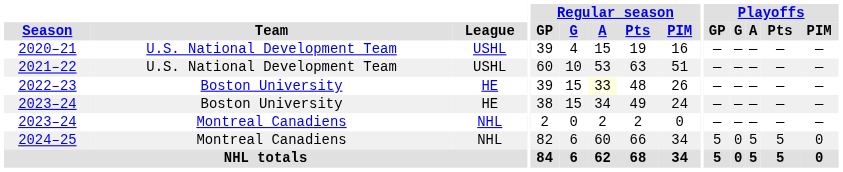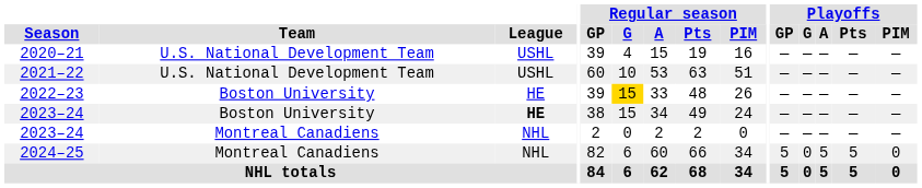 <table border="0" cellpadding="1" cellspacing="0" style="text-align:center; width:60em;">
 <tr bgcolor="#e0e0e0">
 <th colspan="3" bgcolor="#ffffff"></th>
 <th rowspan="100" bgcolor="#ffffff"></th>
 <th colspan="5"><a href='#'>Regular season</a></th>
 <th rowspan="100" bgcolor="#ffffff"></th>
 <th colspan="5"><a href='#'>Playoffs</a></th>
 </tr>
 <tr bgcolor="#e0e0e0">
 <th><a href='#'>Season</a></th>
 <th>Team</th>
 <th>League</th>
 <th>GP</th>
 <th><a href='#'>G</a></th>
 <th><a href='#'>A</a></th>
 <th><a href='#'>Pts</a></th>
 <th><a href='#'>PIM</a></th>
 <th>GP</th>
 <th>G</th>
 <th>A</th>
 <th>Pts</th>
 <th>PIM</th>
 </tr>
 <tr>
 <td><a href='#'>2020–21</a></td>
 <td><a href='#'>U.S. National Development Team</a></td>
 <td><a href='#'>USHL</a></td>
 <td>39</td>
 <td>4</td>
 <td>15</td>
 <td>19</td>
 <td>16</td>
 <td>—</td>
 <td>—</td>
 <td>—</td>
 <td>—</td>
 <td>—</td>
 </tr>
 <tr bgcolor="#f0f0f0">
 <td><a href='#'>2021–22</a></td>
 <td>U.S. National Development Team</td>
 <td>USHL</td>
 <td>60</td>
 <td>10</td>
 <td>53</td>
 <td>63</td>
 <td>51</td>
 <td>—</td>
 <td>—</td>
 <td>—</td>
 <td>—</td>
 <td>—</td>
 </tr>
 <tr>
 <td><a href='#'>2022–23</a></td>
 <td><a href='#'>Boston University</a></td>
 <td><a href='#'>HE</a></td>
 <td>39</td>
-<td>15</td>
-<td style="background: lightyellow;">33</td>
+<td style="background: gold;">15</td>
+<td>33</td>
 <td>48</td>
 <td>26</td>
 <td>—</td>
 <td>—</td>
 <td>—</td>
 <td>—</td>
 <td>—</td>
 </tr>
 <tr bgcolor="#f0f0f0">
 <td><a href='#'>2023–24</a></td>
 <td>Boston University</td>
-<td>HE</td>
+<td><strong>HE</strong></td>
 <td>38</td>
 <td>15</td>
 <td>34</td>
 <td>49</td>
 <td>24</td>
 <td>—</td>
 <td>—</td>
 <td>—</td>
 <td>—</td>
 <td>—</td>
 </tr>
 <tr>
 <td><a href='#'>2023–24</a></td>
 <td><a href='#'>Montreal Canadiens</a></td>
 <td><a href='#'>NHL</a></td>
 <td>2</td>
 <td>0</td>
 <td>2</td>
 <td>2</td>
 <td>0</td>
 <td>—</td>
 <td>—</td>
 <td>—</td>
 <td>—</td>
 <td>—</td>
 </tr>
 <tr bgcolor="#f0f0f0">
 <td><a href='#'>2024–25</a></td>
 <td>Montreal Canadiens</td>
 <td>NHL</td>
 <td>82</td>
 <td>6</td>
 <td>60</td>
 <td>66</td>
 <td>34</td>
 <td>5</td>
 <td>0</td>
 <td>5</td>
 <td>5</td>
 <td>0</td>
 </tr>
 <tr bgcolor="#e0e0e0">
 <th colspan="3">NHL totals</th>
 <th>84</th>
 <th>6</th>
 <th>62</th>
 <th>68</th>
 <th>34</th>
 <th>5</th>
 <th>0</th>
 <th>5</th>
 <th>5</th>
 <th>0</th>
 </tr>
 </table>
